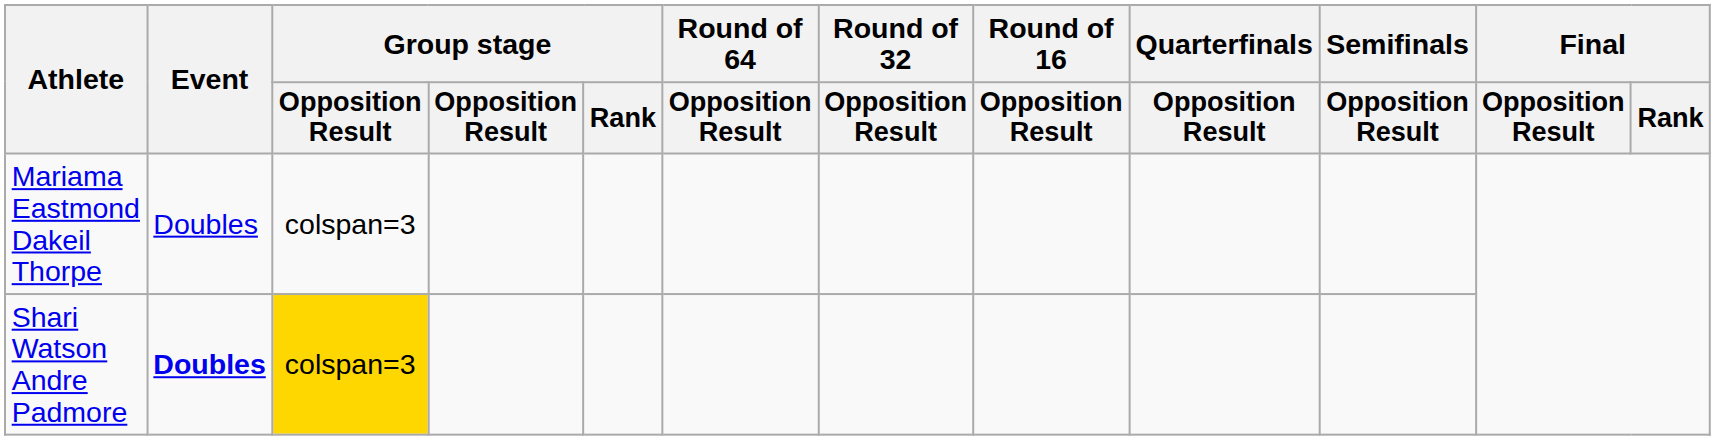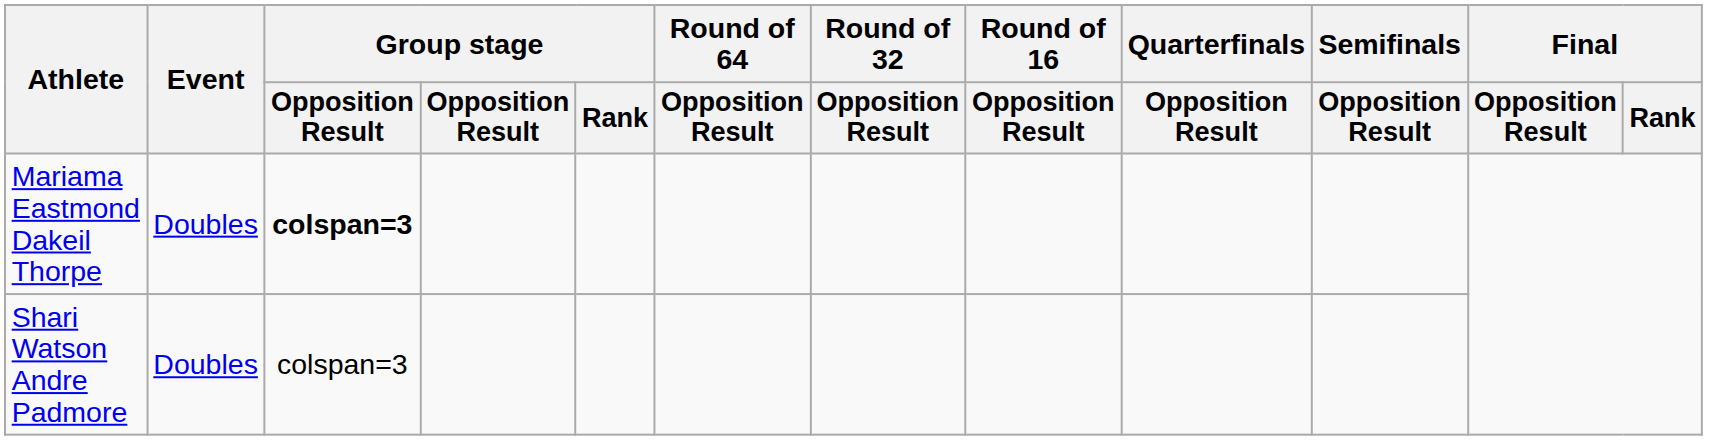 <table class="wikitable" style="font-size:90%">
 <tr>
 <th rowspan=2>Athlete</th>
 <th rowspan=2>Event</th>
 <th colspan=3>Group stage</th>
 <th>Round of 64</th>
 <th>Round of 32</th>
 <th>Round of 16</th>
 <th>Quarterfinals</th>
 <th>Semifinals</th>
 <th colspan=2>Final</th>
 </tr>
 <tr style="font-size:95%">
 <th>Opposition<br>Result</th>
 <th>Opposition<br>Result</th>
 <th>Rank</th>
 <th>Opposition<br>Result</th>
 <th>Opposition<br>Result</th>
 <th>Opposition<br>Result</th>
 <th>Opposition<br>Result</th>
 <th>Opposition<br>Result</th>
 <th>Opposition<br>Result</th>
 <th>Rank</th>
 </tr>
 <tr align=center>
 <td align=left><a href='#'>Mariama Eastmond</a><br><a href='#'>Dakeil Thorpe</a></td>
 <td align=left><a href='#'>Doubles</a></td>
-<td>colspan=3 </td>
+<td><strong>colspan=3 </strong></td>
 <td></td>
 <td></td>
 <td></td>
 <td></td>
 <td></td>
 <td></td>
 <td></td>
 </tr>
 <tr align=center>
 <td align=left><a href='#'>Shari Watson</a><br><a href='#'>Andre Padmore</a></td>
-<td align=left><strong><a href='#'>Doubles</a></strong></td>
-<td style="background: gold;">colspan=3 </td>
+<td align=left><a href='#'>Doubles</a></td>
+<td>colspan=3 </td>
 <td></td>
 <td></td>
 <td></td>
 <td></td>
 <td></td>
 <td></td>
 <td></td>
 </tr>
 </table>
